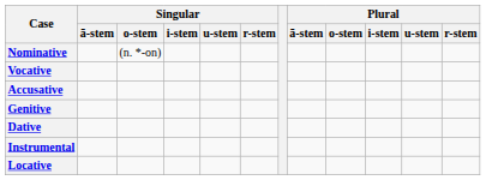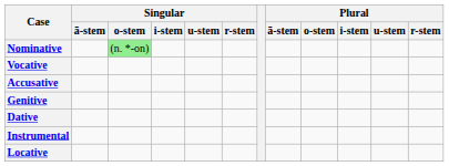 <table class="wikitable">
 <tr>
 <th rowspan="2">Case</th>
 <th colspan="5">Singular</th>
 <th rowspan="9"> </th>
 <th colspan="5">Plural</th>
 </tr>
 <tr>
 <th>ā-stem</th>
 <th>o-stem</th>
 <th>i-stem</th>
 <th>u-stem</th>
 <th>r-stem</th>
 <th>ā-stem</th>
 <th>o-stem</th>
 <th>i-stem</th>
 <th>u-stem</th>
 <th>r-stem</th>
 </tr>
 <tr>
 <th style="text-align: left;"><a href='#'>Nominative</a></th>
 <td></td>
-<td> (n. *-on)</td>
+<td style="background: lightgreen;"> (n. *-on)</td>
 <td></td>
 <td></td>
 <td></td>
 <td></td>
 <td></td>
 <td></td>
 <td></td>
 <td></td>
 </tr>
 <tr>
 <th style="text-align: left;"><a href='#'>Vocative</a></th>
 <td></td>
 <td></td>
 <td></td>
 <td></td>
 <td></td>
 <td></td>
 <td></td>
 <td></td>
 <td></td>
 <td></td>
 </tr>
 <tr>
 <th style="text-align: left;"><a href='#'>Accusative</a></th>
 <td></td>
 <td></td>
 <td></td>
 <td></td>
 <td></td>
 <td></td>
 <td></td>
 <td></td>
 <td></td>
 <td></td>
 </tr>
 <tr>
 <th style="text-align: left;"><a href='#'>Genitive</a></th>
 <td></td>
 <td></td>
 <td></td>
 <td></td>
 <td></td>
 <td></td>
 <td></td>
 <td></td>
 <td></td>
 <td></td>
 </tr>
 <tr>
 <th style="text-align: left;"><a href='#'>Dative</a></th>
 <td></td>
 <td></td>
 <td></td>
 <td></td>
 <td></td>
 <td></td>
 <td></td>
 <td></td>
 <td></td>
 <td></td>
 </tr>
 <tr>
 <th style="text-align: left;"><a href='#'>Instrumental</a></th>
 <td></td>
 <td></td>
 <td></td>
 <td></td>
 <td></td>
 <td></td>
 <td></td>
 <td></td>
 <td></td>
 <td></td>
 </tr>
 <tr>
 <th style="text-align: left;"><a href='#'>Locative</a></th>
 <td></td>
 <td></td>
 <td></td>
 <td></td>
 <td></td>
 <td></td>
 <td></td>
 <td></td>
 <td></td>
 <td></td>
 </tr>
 </table>
